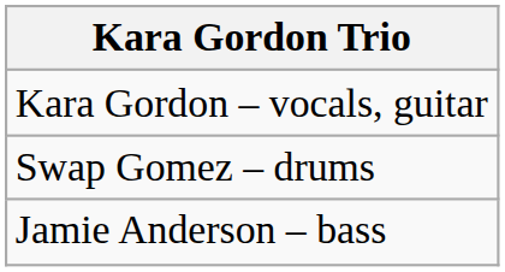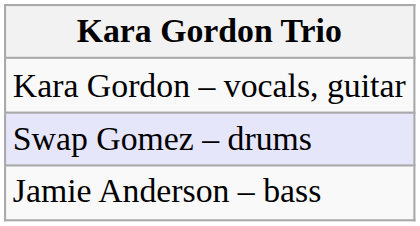 <table class="wikitable">
 <tr>
 <th>Kara Gordon Trio</th>
 </tr>
 <tr>
 <td>Kara Gordon – vocals, guitar</td>
 </tr>
 <tr>
-<td>Swap Gomez – drums</td>
+<td style="background: lavender;">Swap Gomez – drums</td>
 </tr>
 <tr>
 <td>Jamie Anderson – bass</td>
 </tr>
 </table>
